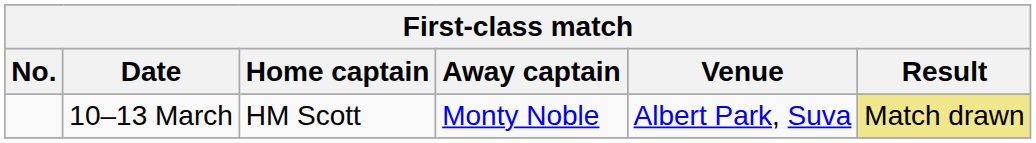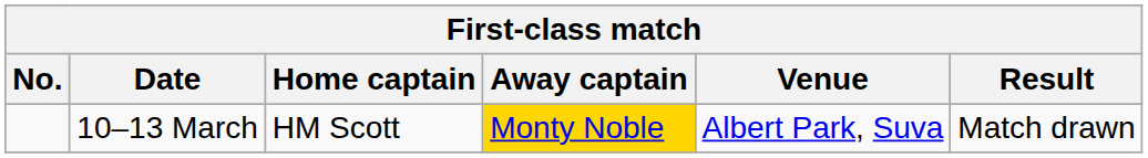 <table class="wikitable">
 <tr>
 <th colspan="9">First-class match</th>
 </tr>
 <tr>
 <th>No.</th>
 <th>Date</th>
 <th>Home captain</th>
 <th>Away captain</th>
 <th>Venue</th>
 <th>Result</th>
 </tr>
 <tr>
 <td></td>
 <td>10–13 March</td>
 <td>HM Scott</td>
-<td><a href='#'>Monty Noble</a></td>
+<td style="background: gold;"><a href='#'>Monty Noble</a></td>
 <td><a href='#'>Albert Park</a>, <a href='#'>Suva</a></td>
-<td style="background: khaki;">Match drawn</td>
+<td>Match drawn</td>
 </tr>
 </table>
